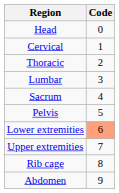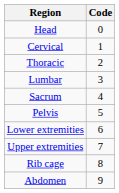 <table class="wikitable sortable" style="text-align:center">
 <tr>
 <th scope="col">Region</th>
 <th scope="col">Code</th>
 </tr>
 <tr>
 <td><a href='#'>Head</a></td>
 <td>0</td>
 </tr>
 <tr>
 <td><a href='#'>Cervical</a></td>
 <td>1</td>
 </tr>
 <tr>
 <td><a href='#'>Thoracic</a></td>
 <td>2</td>
 </tr>
 <tr>
 <td><a href='#'>Lumbar</a></td>
 <td>3</td>
 </tr>
 <tr>
 <td><a href='#'>Sacrum</a></td>
 <td>4</td>
 </tr>
 <tr>
 <td><a href='#'>Pelvis</a></td>
 <td>5</td>
 </tr>
 <tr>
 <td><a href='#'>Lower extremities</a></td>
-<td style="background: lightsalmon;">6</td>
+<td>6</td>
 </tr>
 <tr>
 <td><a href='#'>Upper extremities</a></td>
 <td>7</td>
 </tr>
 <tr>
 <td><a href='#'>Rib cage</a></td>
 <td>8</td>
 </tr>
 <tr>
 <td><a href='#'>Abdomen</a></td>
 <td>9</td>
 </tr>
 </table>
